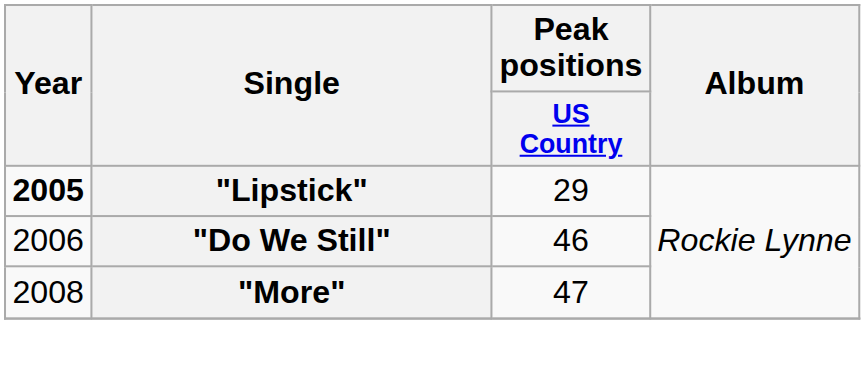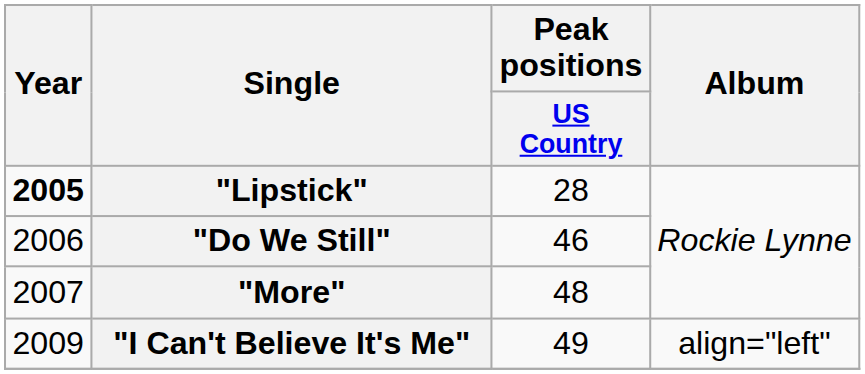 <table class="wikitable plainrowheaders" style="text-align:center;">
 <tr>
 <th rowspan="2">Year</th>
 <th rowspan="2" style="width:12em;">Single</th>
 <th colspan="1">Peak positions</th>
 <th rowspan="2">Album</th>
 </tr>
 <tr style="font-size:smaller;">
 <th width="50"><a href='#'>US Country</a><br></th>
 </tr>
 <tr>
 <td><strong>2005</strong></td>
 <th scope="row">"Lipstick"</th>
-<td>29</td>
+<td>28</td>
 <td align="left" rowspan="3"><em>Rockie Lynne</em></td>
 </tr>
 <tr>
 <td>2006</td>
 <th scope="row">"Do We Still"</th>
 <td>46</td>
 </tr>
 <tr>
-<td>2008</td>
+<td>2007</td>
 <th scope="row">"More"</th>
-<td>47</td>
+<td>48</td>
+</tr>
+<tr>
+<td>2009</td>
+<th scope="row">"I Can't Believe It's Me"</th>
+<td>49</td>
+<td>align="left" </td>
 </tr>
 <tr>
 </tr>
 </table>
